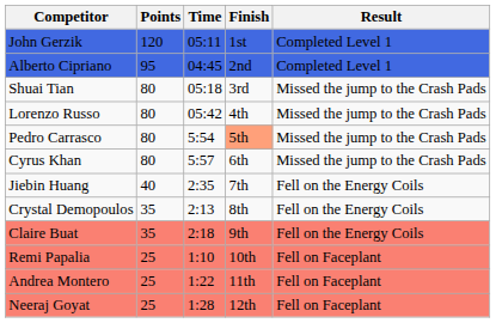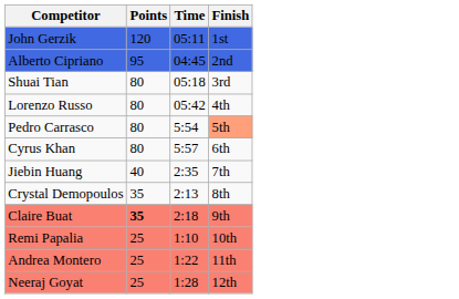 <table class="wikitable sortable">
 <tr>
 <th>Competitor</th>
 <th>Points</th>
 <th>Time</th>
 <th>Finish</th>
-<th>Result</th>
 </tr>
 <tr style="background:royalblue;">
 <td> John Gerzik</td>
 <td>120</td>
 <td>05:11</td>
 <td>1st</td>
-<td>Completed Level 1</td>
 </tr>
 <tr style="background:royalblue;">
 <td> Alberto Cipriano</td>
 <td>95</td>
 <td>04:45</td>
 <td>2nd</td>
-<td>Completed Level 1</td>
 </tr>
 <tr>
 <td> Shuai Tian</td>
 <td>80</td>
 <td>05:18</td>
 <td>3rd</td>
-<td>Missed the jump to the Crash Pads</td>
 </tr>
 <tr>
 <td> Lorenzo Russo</td>
 <td>80</td>
 <td>05:42</td>
 <td>4th</td>
-<td>Missed the jump to the Crash Pads</td>
 </tr>
 <tr>
 <td> Pedro Carrasco</td>
 <td>80</td>
 <td>5:54</td>
 <td style="background: lightsalmon;">5th</td>
-<td>Missed the jump to the  Crash Pads</td>
 </tr>
 <tr>
 <td> Cyrus Khan</td>
 <td>80</td>
 <td>5:57</td>
 <td>6th</td>
-<td>Missed the jump to the  Crash Pads</td>
 </tr>
 <tr>
 <td> Jiebin Huang</td>
 <td>40</td>
 <td>2:35</td>
 <td>7th</td>
-<td>Fell on the Energy Coils</td>
 </tr>
 <tr>
 <td> Crystal Demopoulos</td>
 <td>35</td>
 <td>2:13</td>
 <td>8th</td>
-<td>Fell on the Energy Coils</td>
 </tr>
 <tr style="background-color:#fa8072">
 <td> Claire Buat</td>
-<td>35</td>
+<td><strong>35</strong></td>
 <td>2:18</td>
 <td>9th</td>
-<td>Fell on the Energy Coils</td>
 </tr>
 <tr style="background-color:#fa8072">
 <td> Remi Papalia</td>
 <td>25</td>
 <td>1:10</td>
 <td>10th</td>
-<td>Fell on Faceplant</td>
 </tr>
 <tr style="background-color:#fa8072">
 <td> Andrea Montero</td>
 <td>25</td>
 <td>1:22</td>
 <td>11th</td>
-<td>Fell on Faceplant</td>
 </tr>
 <tr style="background-color:#fa8072">
 <td> Neeraj Goyat</td>
 <td>25</td>
 <td>1:28</td>
 <td>12th</td>
-<td>Fell on Faceplant</td>
 </tr>
 </table>
